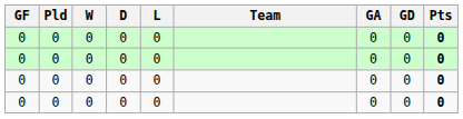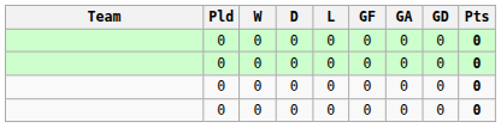 <table class="wikitable" style="text-align: center; font-size:90% ">
 <tr>
-<th width=25>GF</th>
+<th width=160>Team</th>
 <th width=25>Pld</th>
 <th width=25>W</th>
 <th width=25>D</th>
 <th width=25>L</th>
-<th width=160>Team</th>
+<th width=25>GF</th>
 <th width=25>GA</th>
 <th width=25>GD</th>
 <th width=25>Pts</th>
 </tr>
 <tr bgcolor=ccffcc>
+<td align=left></td>
 <td>0</td>
 <td>0</td>
 <td>0</td>
 <td>0</td>
 <td>0</td>
-<td align=left></td>
 <td>0</td>
 <td>0</td>
 <td><strong>0</strong></td>
 </tr>
 <tr bgcolor=ccffcc>
+<td align=left></td>
 <td>0</td>
 <td>0</td>
 <td>0</td>
 <td>0</td>
 <td>0</td>
-<td align=left></td>
 <td>0</td>
 <td>0</td>
 <td><strong>0</strong></td>
 </tr>
 <tr>
+<td align=left></td>
 <td>0</td>
 <td>0</td>
 <td>0</td>
 <td>0</td>
 <td>0</td>
-<td align=left></td>
 <td>0</td>
 <td>0</td>
 <td><strong>0</strong></td>
 </tr>
 <tr>
+<td align=left></td>
 <td>0</td>
 <td>0</td>
 <td>0</td>
 <td>0</td>
 <td>0</td>
-<td align=left></td>
 <td>0</td>
 <td>0</td>
 <td><strong>0</strong></td>
 </tr>
 </table>
